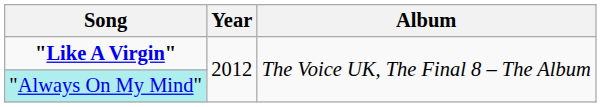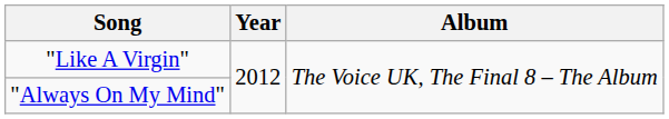 <table class="wikitable plainrowheaders" style="text-align:center;">
 <tr>
 <th scope="col">Song</th>
 <th scope="col">Year</th>
 <th scope="col">Album</th>
 </tr>
 <tr>
-<td><strong>"<a href='#'>Like A Virgin</a>"</strong></td>
+<td>"<a href='#'>Like A Virgin</a>"</td>
 <td rowspan="2">2012</td>
 <td rowspan="2"><em>The Voice UK, The Final 8 – The Album</em></td>
 </tr>
 <tr>
-<td style="background: paleturquoise;">"<a href='#'>Always On My Mind</a>"</td>
+<td>"<a href='#'>Always On My Mind</a>"</td>
 </tr>
 </table>
